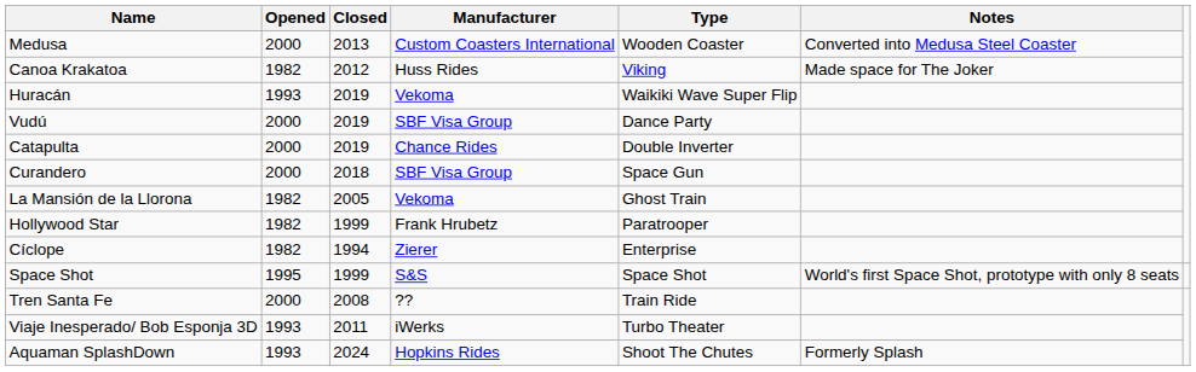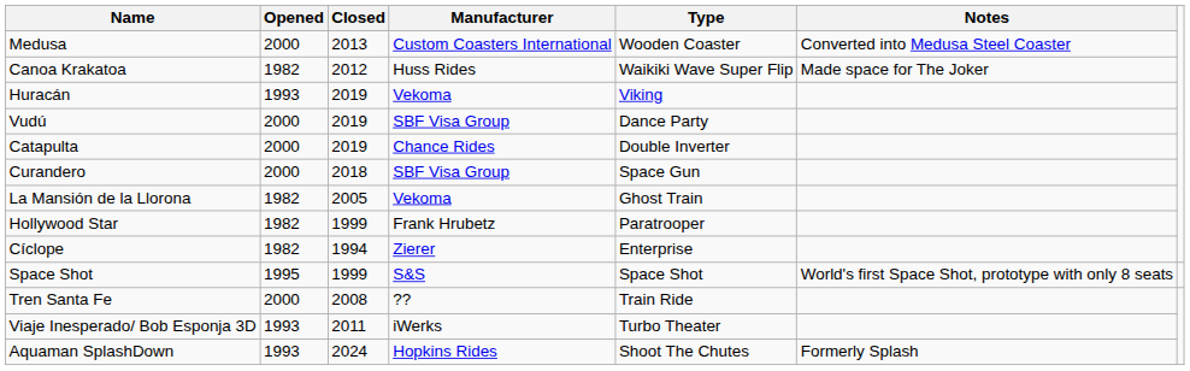 <table class="wikitable sortable">
 <tr>
 <th>Name</th>
 <th>Opened</th>
 <th>Closed</th>
 <th>Manufacturer</th>
 <th>Type</th>
 <th>Notes</th>
 </tr>
 <tr>
 <td>Medusa</td>
 <td>2000</td>
 <td>2013</td>
 <td><a href='#'>Custom Coasters International</a></td>
 <td>Wooden Coaster</td>
 <td>Converted into <a href='#'>Medusa Steel Coaster</a></td>
 </tr>
 <tr>
 <td>Canoa Krakatoa</td>
 <td>1982</td>
 <td>2012</td>
 <td>Huss Rides</td>
-<td><a href='#'>Viking</a></td>
+<td>Waikiki Wave Super Flip</td>
 <td>Made space for The Joker</td>
 </tr>
 <tr>
 <td>Huracán</td>
 <td>1993</td>
 <td>2019</td>
 <td><a href='#'>Vekoma</a></td>
-<td>Waikiki Wave Super Flip</td>
+<td><a href='#'>Viking</a></td>
 <td></td>
 </tr>
 <tr>
 <td>Vudú</td>
 <td>2000</td>
 <td>2019</td>
 <td><a href='#'>SBF Visa Group</a></td>
 <td>Dance Party</td>
 <td></td>
 </tr>
 <tr>
 <td>Catapulta</td>
 <td>2000</td>
 <td>2019</td>
 <td><a href='#'>Chance Rides</a></td>
 <td>Double Inverter</td>
 <td></td>
 </tr>
 <tr>
 <td>Curandero</td>
 <td>2000</td>
 <td>2018</td>
 <td><a href='#'>SBF Visa Group</a></td>
 <td>Space Gun</td>
 <td></td>
 </tr>
 <tr>
 <td>La Mansión de la Llorona</td>
 <td>1982</td>
 <td>2005</td>
 <td><a href='#'>Vekoma</a></td>
 <td>Ghost Train</td>
 <td></td>
 </tr>
 <tr>
 <td>Hollywood Star</td>
 <td>1982</td>
 <td>1999</td>
 <td>Frank Hrubetz</td>
 <td>Paratrooper</td>
 <td></td>
 </tr>
 <tr>
 <td>Cíclope</td>
 <td>1982</td>
 <td>1994</td>
 <td><a href='#'>Zierer</a></td>
 <td>Enterprise</td>
 <td></td>
 </tr>
 <tr>
 <td>Space Shot</td>
 <td>1995</td>
 <td>1999</td>
 <td><a href='#'>S&S</a></td>
 <td>Space Shot</td>
 <td>World's first Space Shot, prototype with only 8 seats</td>
 <td></td>
 </tr>
 <tr>
 <td>Tren Santa Fe</td>
 <td>2000</td>
 <td>2008</td>
 <td>??</td>
 <td>Train Ride</td>
 <td></td>
 </tr>
 <tr>
 <td>Viaje Inesperado/ Bob Esponja 3D</td>
 <td>1993</td>
 <td>2011</td>
 <td>iWerks</td>
 <td>Turbo Theater</td>
 <td></td>
 </tr>
 <tr>
 <td>Aquaman SplashDown</td>
 <td>1993</td>
 <td>2024</td>
 <td><a href='#'>Hopkins Rides</a></td>
 <td>Shoot The Chutes</td>
 <td>Formerly Splash</td>
 </tr>
 </table>
